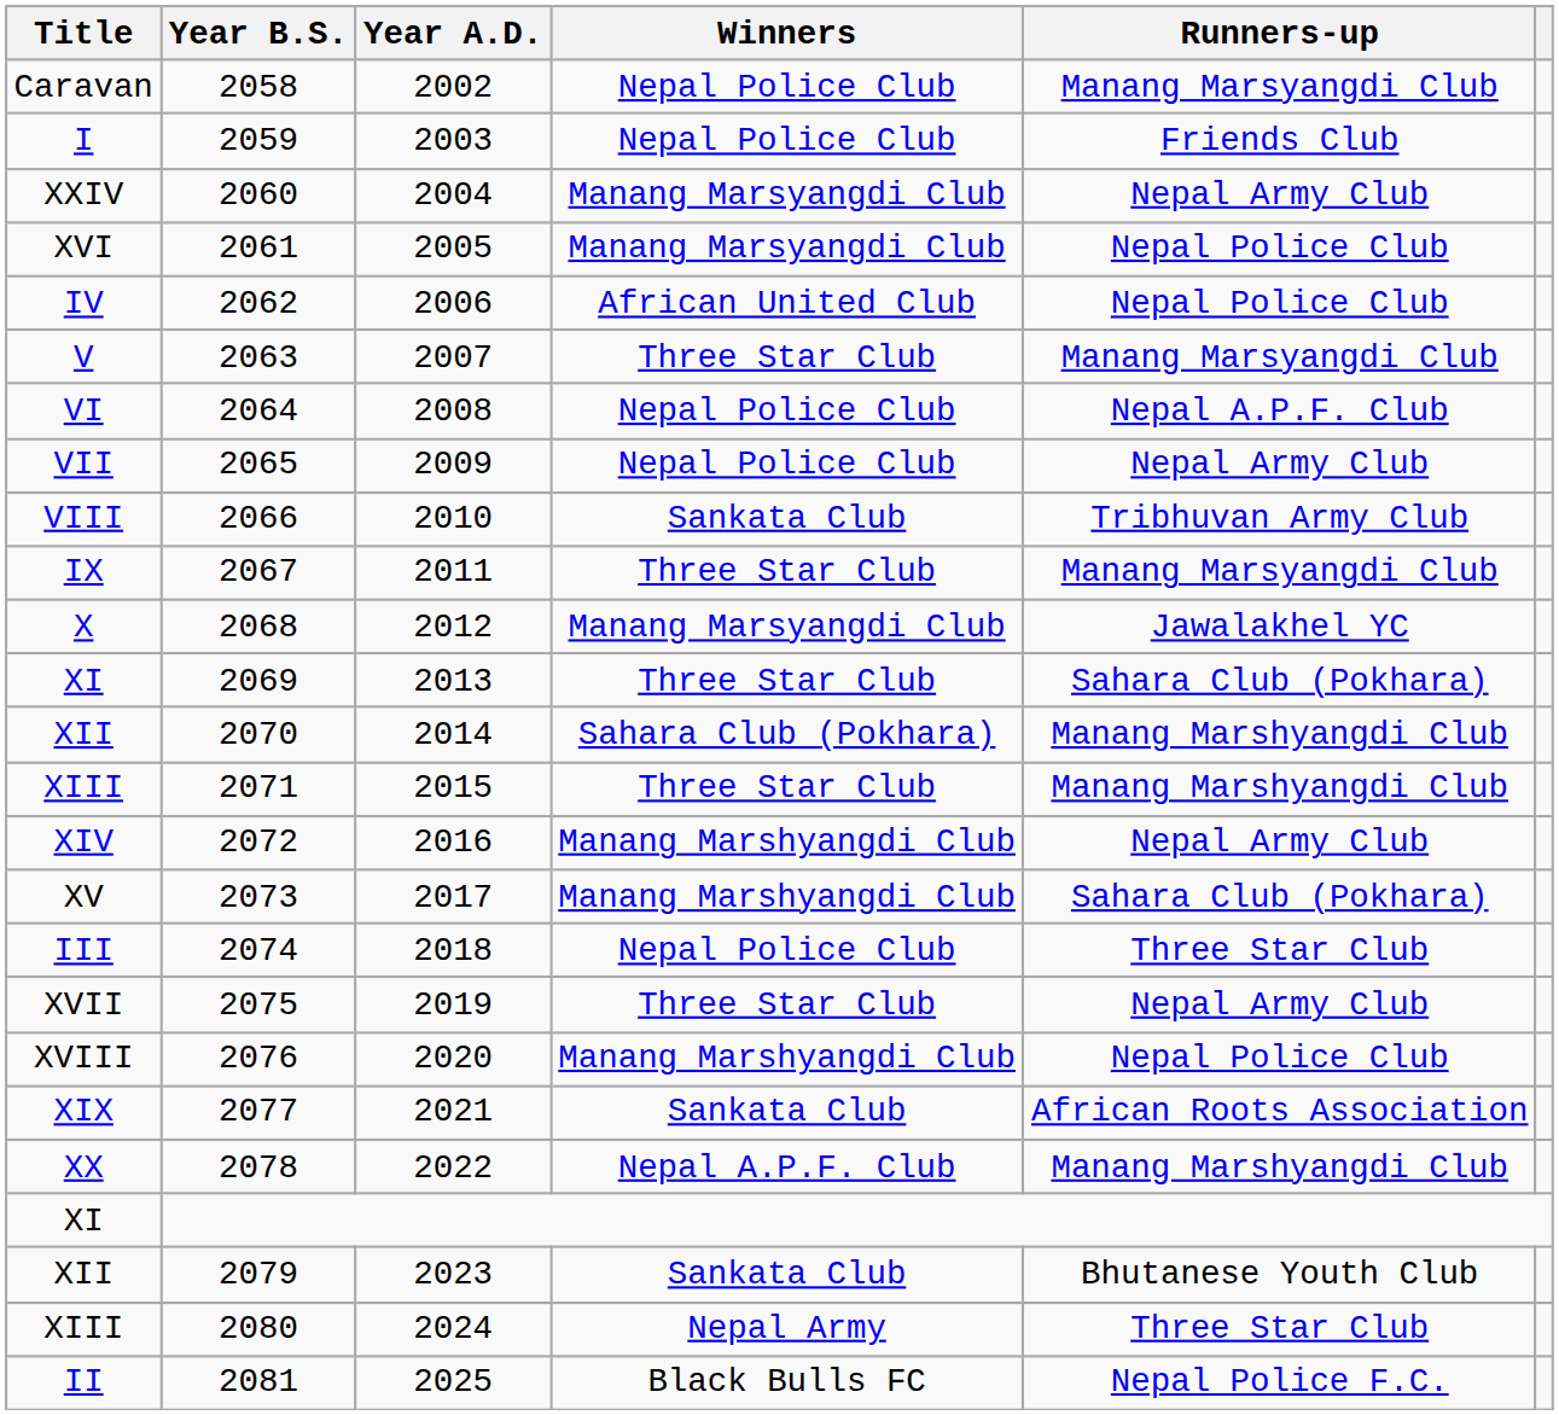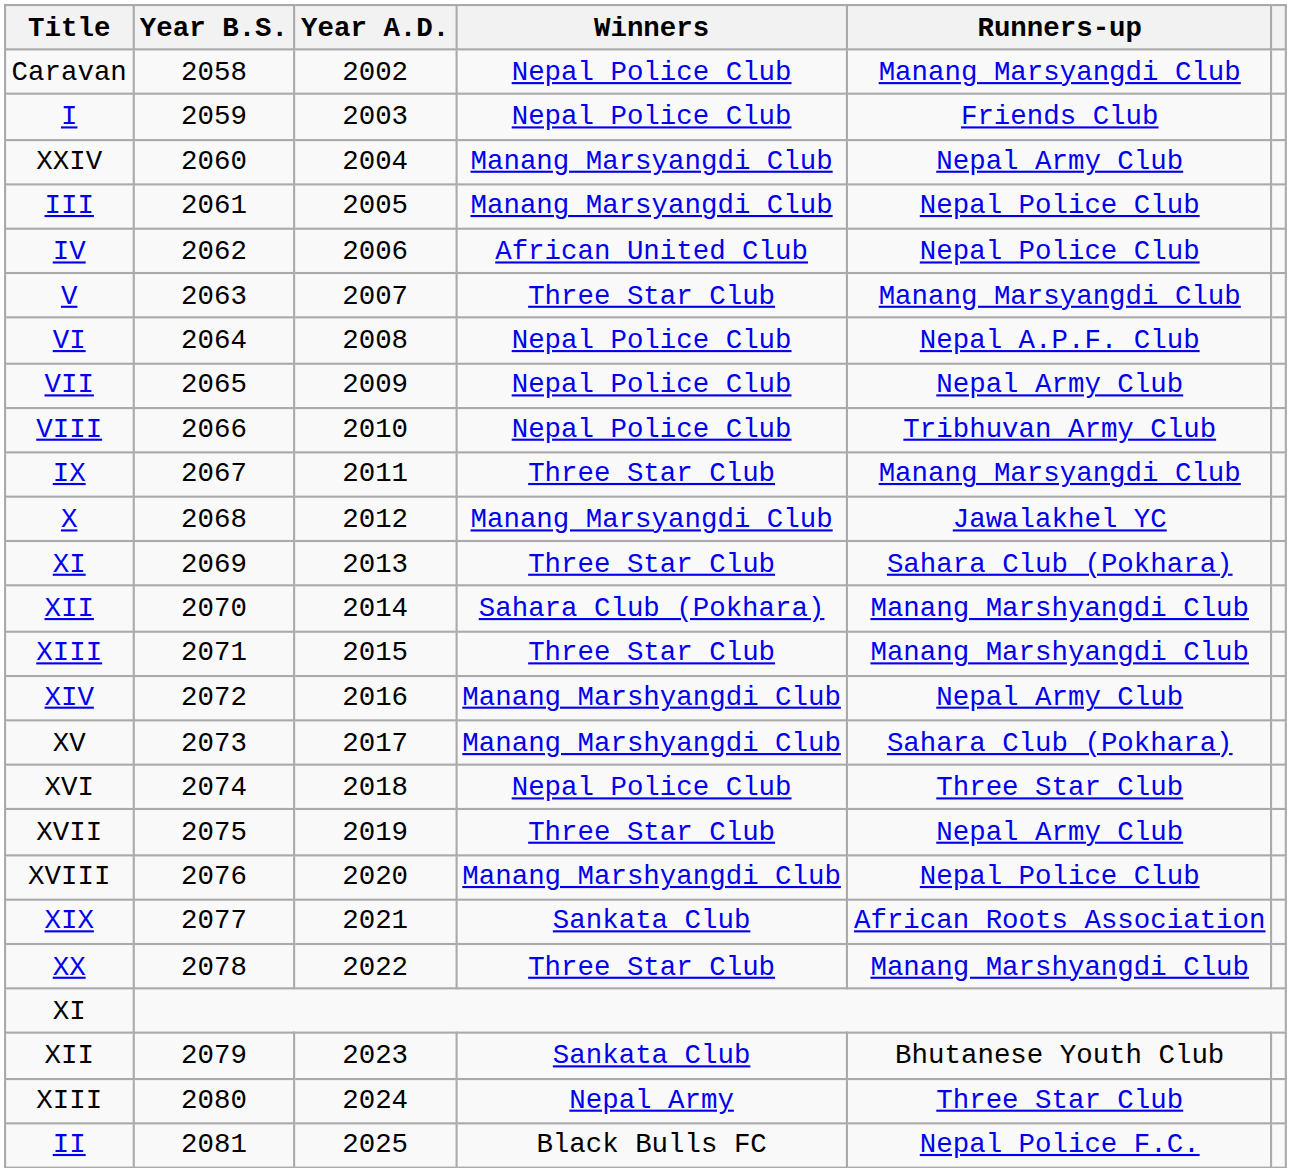 <table class="wikitable" border="1">
 <tr style="text-align:center">
 <th>Title</th>
 <th>Year B.S.</th>
 <th>Year A.D.</th>
 <th>Winners</th>
 <th>Runners-up</th>
 <th></th>
 </tr>
 <tr style="text-align:center">
 <td>Caravan</td>
 <td>2058</td>
 <td>2002</td>
 <td><a href='#'>Nepal Police Club</a></td>
 <td><a href='#'>Manang Marsyangdi Club</a></td>
 <td></td>
 </tr>
 <tr style="text-align:center">
 <td><a href='#'>I</a></td>
 <td>2059</td>
 <td>2003</td>
 <td><a href='#'>Nepal Police Club</a></td>
 <td><a href='#'>Friends Club</a></td>
 <td></td>
 </tr>
 <tr style="text-align:center">
 <td>XXIV</td>
 <td>2060</td>
 <td>2004</td>
 <td><a href='#'>Manang Marsyangdi Club</a></td>
 <td><a href='#'>Nepal Army Club</a></td>
 <td></td>
 </tr>
 <tr style="text-align:center">
-<td>XVI</td>
+<td><a href='#'>III</a></td>
 <td>2061</td>
 <td>2005</td>
 <td><a href='#'>Manang Marsyangdi Club</a></td>
 <td><a href='#'>Nepal Police Club</a></td>
 <td></td>
 </tr>
 <tr style="text-align:center">
 <td><a href='#'>IV</a></td>
 <td>2062</td>
 <td>2006</td>
 <td><a href='#'>African United Club</a></td>
 <td><a href='#'>Nepal Police Club</a></td>
 <td></td>
 </tr>
 <tr style="text-align:center">
 <td><a href='#'>V</a></td>
 <td>2063</td>
 <td>2007</td>
 <td><a href='#'>Three Star Club</a></td>
 <td><a href='#'>Manang Marsyangdi Club</a></td>
 <td></td>
 </tr>
 <tr style="text-align:center">
 <td><a href='#'>VI</a></td>
 <td>2064</td>
 <td>2008</td>
 <td><a href='#'>Nepal Police Club</a></td>
 <td><a href='#'>Nepal A.P.F. Club</a></td>
 <td></td>
 </tr>
 <tr style="text-align:center">
 <td><a href='#'>VII</a></td>
 <td>2065</td>
 <td>2009</td>
 <td><a href='#'>Nepal Police Club</a></td>
 <td><a href='#'>Nepal Army Club</a></td>
 <td></td>
 </tr>
 <tr style="text-align:center">
 <td><a href='#'>VIII</a></td>
 <td>2066</td>
 <td>2010</td>
-<td><a href='#'>Sankata Club</a></td>
+<td><a href='#'>Nepal Police Club</a></td>
 <td><a href='#'>Tribhuvan Army Club</a></td>
 <td></td>
 </tr>
 <tr style="text-align:center">
 <td><a href='#'>IX</a></td>
 <td>2067</td>
 <td>2011</td>
 <td><a href='#'>Three Star Club</a></td>
 <td><a href='#'>Manang Marsyangdi Club</a></td>
 <td></td>
 </tr>
 <tr style="text-align:center">
 <td><a href='#'>X</a></td>
 <td>2068</td>
 <td>2012</td>
 <td><a href='#'>Manang Marsyangdi Club</a></td>
 <td><a href='#'>Jawalakhel YC</a></td>
 <td></td>
 </tr>
 <tr style="text-align:center">
 <td><a href='#'>XI</a></td>
 <td>2069</td>
 <td>2013</td>
 <td><a href='#'>Three Star Club</a></td>
 <td><a href='#'>Sahara Club (Pokhara)</a></td>
 <td></td>
 </tr>
 <tr style="text-align:center">
 <td><a href='#'>XII</a></td>
 <td>2070</td>
 <td>2014</td>
 <td><a href='#'>Sahara Club (Pokhara)</a></td>
 <td><a href='#'>Manang Marshyangdi Club</a></td>
 <td></td>
 </tr>
 <tr style="text-align:center">
 <td><a href='#'>XIII</a></td>
 <td>2071</td>
 <td>2015</td>
 <td><a href='#'>Three Star Club</a></td>
 <td><a href='#'>Manang Marshyangdi Club</a></td>
 <td></td>
 </tr>
 <tr style="text-align:center">
 <td><a href='#'>XIV</a></td>
 <td>2072</td>
 <td>2016</td>
 <td><a href='#'>Manang Marshyangdi Club</a></td>
 <td><a href='#'>Nepal Army Club</a></td>
 <td></td>
 </tr>
 <tr style="text-align:center">
 <td>XV</td>
 <td>2073</td>
 <td>2017</td>
 <td><a href='#'>Manang Marshyangdi Club</a></td>
 <td><a href='#'>Sahara Club (Pokhara)</a></td>
 <td></td>
 </tr>
 <tr style="text-align:center">
-<td><a href='#'>III</a></td>
+<td>XVI</td>
 <td>2074</td>
 <td>2018</td>
 <td><a href='#'>Nepal Police Club</a></td>
 <td><a href='#'>Three Star Club</a></td>
 <td></td>
 </tr>
 <tr style="text-align:center">
 <td>XVII</td>
 <td>2075</td>
 <td>2019</td>
 <td><a href='#'>Three Star Club</a></td>
 <td><a href='#'>Nepal Army Club</a></td>
 <td></td>
 </tr>
 <tr style="text-align:center">
 <td>XVIII</td>
 <td>2076</td>
 <td>2020</td>
 <td><a href='#'>Manang Marshyangdi Club</a></td>
 <td><a href='#'>Nepal Police Club</a></td>
 <td></td>
 </tr>
 <tr style="text-align:center">
 <td><a href='#'>XIX</a></td>
 <td>2077</td>
 <td>2021</td>
 <td><a href='#'>Sankata Club</a></td>
 <td><a href='#'>African Roots Association</a></td>
 <td></td>
 </tr>
 <tr style="text-align:center">
 <td><a href='#'>XX</a></td>
 <td>2078</td>
 <td>2022</td>
-<td><a href='#'>Nepal A.P.F. Club</a></td>
+<td><a href='#'>Three Star Club</a></td>
 <td><a href='#'>Manang Marshyangdi Club</a></td>
 <td></td>
 </tr>
 <tr style="text-align:center">
 <td>XI</td>
 </tr>
 <tr style="text-align:center">
 <td>XII</td>
 <td>2079</td>
 <td>2023</td>
 <td><a href='#'>Sankata Club</a></td>
 <td>Bhutanese Youth Club</td>
 <td></td>
 </tr>
 <tr style="text-align:center">
 <td>XIII</td>
 <td>2080</td>
 <td>2024</td>
 <td><a href='#'>Nepal Army</a></td>
 <td><a href='#'>Three Star Club</a></td>
 <td></td>
 </tr>
 <tr style="text-align:center">
 <td><a href='#'>II</a></td>
 <td>2081</td>
 <td>2025</td>
 <td> Black Bulls FC</td>
 <td><a href='#'>Nepal Police F.C.</a></td>
 <td></td>
 </tr>
 </table>
